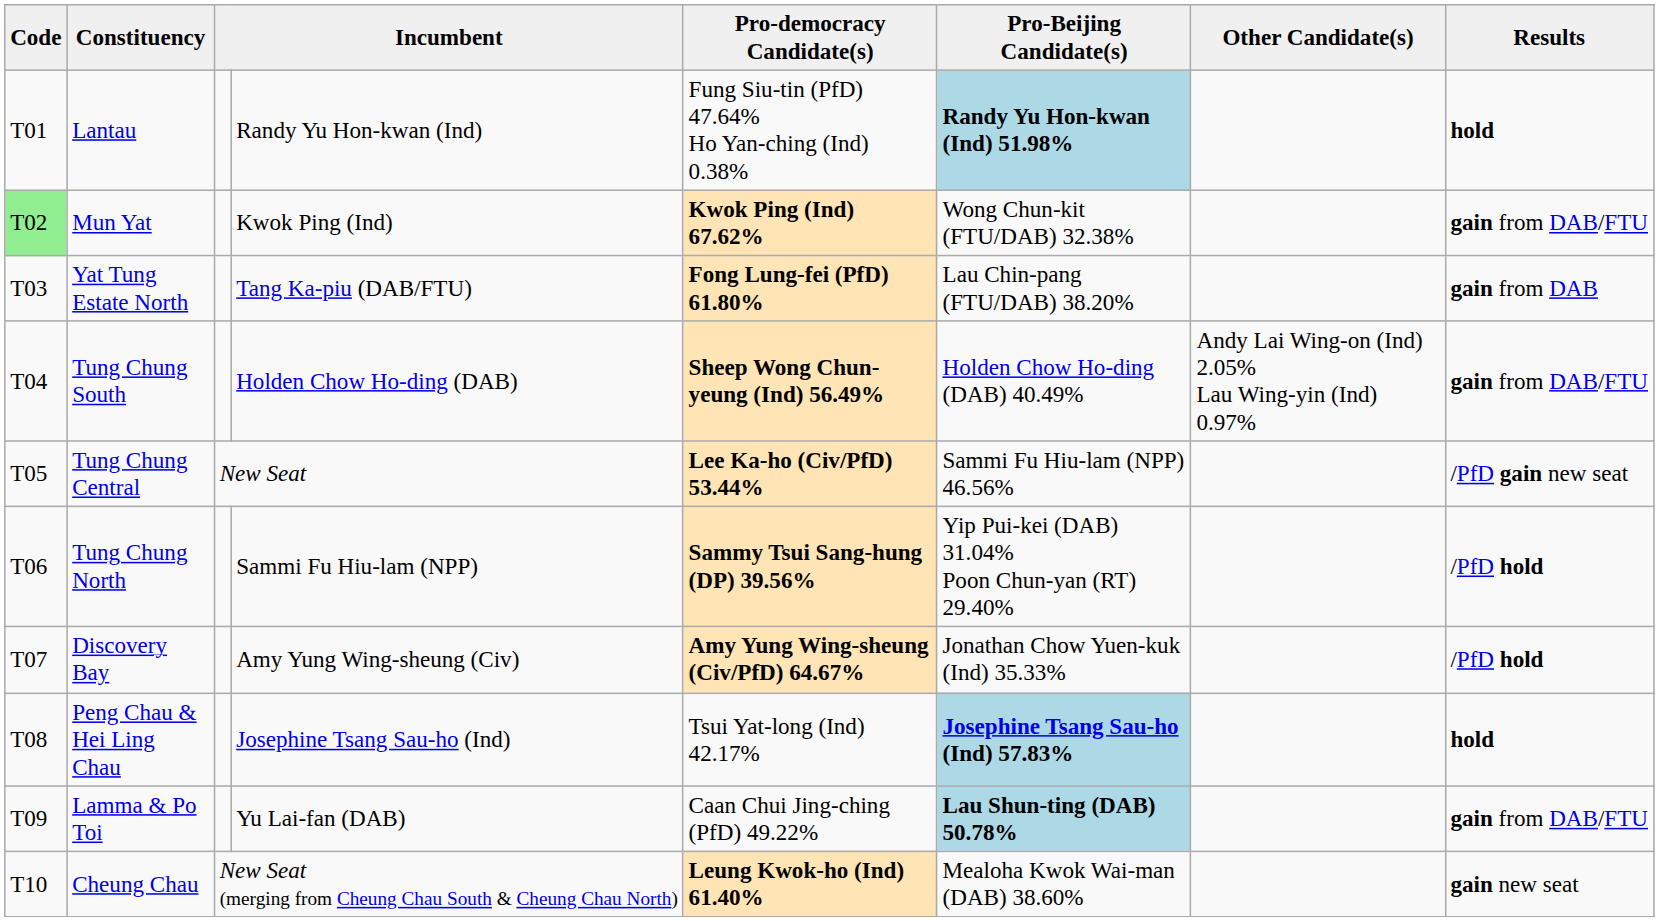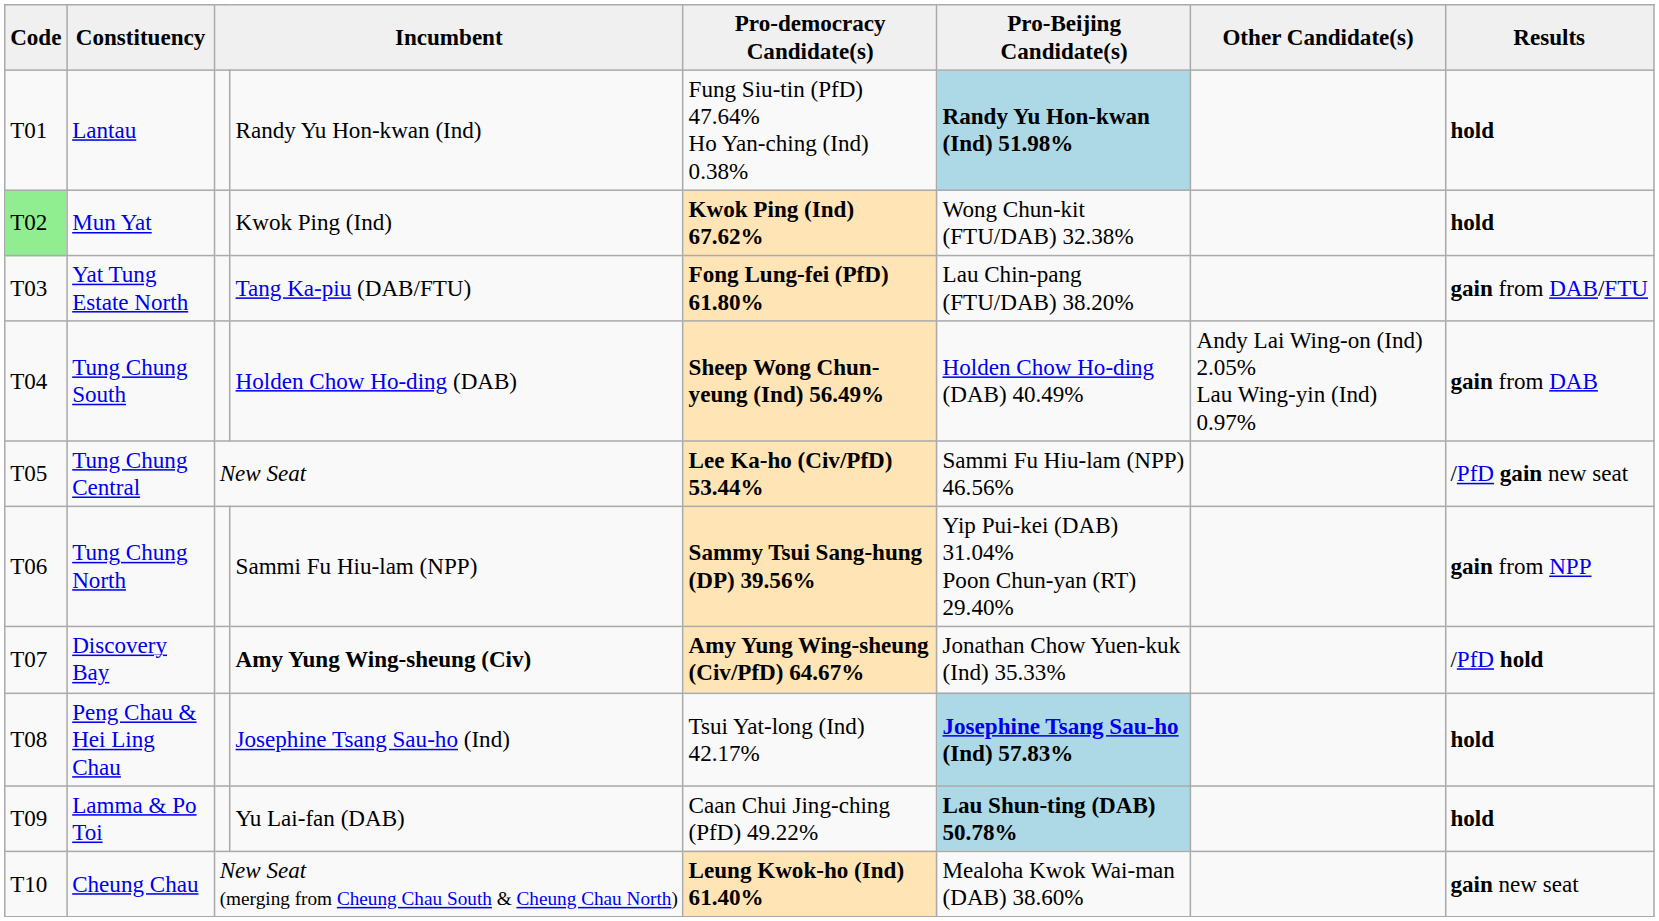 <table class="wikitable sortable" style="font-size: 95%;">
 <tr>
 <th align="center" style="background:#f0f0f0;" width="20px">Code</th>
 <th align="center" style="background:#f0f0f0;" width="90px">Constituency</th>
 <th align="center" style="background:#f0f0f0;" width="120px" colspan=2>Incumbent</th>
 <th align="center" style="background:#f0f0f0;" width="160px">Pro-democracy Candidate(s)</th>
 <th align="center" style="background:#f0f0f0;" width="160px">Pro-Beijing Candidate(s)</th>
 <th align="center" style="background:#f0f0f0;" width="160px">Other Candidate(s)</th>
 <th align="center" style="background:#f0f0f0;" width="100px" colspan="2">Results</th>
 </tr>
 <tr>
 <td>T01</td>
 <td><a href='#'>Lantau</a></td>
 <td></td>
 <td>Randy Yu Hon-kwan (Ind)</td>
 <td>Fung Siu-tin (PfD) 47.64%<br>Ho Yan-ching (Ind) 0.38%</td>
 <td style="background-color:LightBlue"><strong>Randy Yu Hon-kwan (Ind) 51.98%</strong></td>
 <td></td>
 <td> <strong>hold</strong></td>
 </tr>
 <tr>
 <td style="background: lightgreen;">T02</td>
 <td><a href='#'>Mun Yat</a></td>
 <td></td>
 <td>Kwok Ping (Ind)</td>
 <td style="background-color:Moccasin"><strong>Kwok Ping (Ind) 67.62%</strong></td>
 <td>Wong Chun-kit (FTU/DAB) 32.38%</td>
 <td></td>
-<td> <strong>gain</strong> from <a href='#'>DAB</a>/<a href='#'>FTU</a></td>
+<td> <strong>hold</strong></td>
 </tr>
 <tr>
 <td>T03</td>
 <td><a href='#'>Yat Tung Estate North</a></td>
 <td></td>
 <td><a href='#'>Tang Ka-piu</a> (DAB/FTU)</td>
 <td style="background-color:Moccasin"><strong>Fong Lung-fei (PfD) 61.80%</strong></td>
 <td>Lau Chin-pang (FTU/DAB) 38.20%</td>
 <td></td>
-<td> <strong>gain</strong> from <a href='#'>DAB</a></td>
+<td> <strong>gain</strong> from <a href='#'>DAB</a>/<a href='#'>FTU</a></td>
 </tr>
 <tr>
 <td>T04</td>
 <td><a href='#'>Tung Chung South</a></td>
 <td></td>
 <td><a href='#'>Holden Chow Ho-ding</a> (DAB)</td>
 <td style="background-color:Moccasin"><strong>Sheep Wong Chun-yeung (Ind) 56.49%</strong></td>
 <td><a href='#'>Holden Chow Ho-ding</a> (DAB) 40.49%</td>
 <td>Andy Lai Wing-on (Ind) 2.05%<br>Lau Wing-yin (Ind) 0.97%</td>
-<td> <strong>gain</strong> from <a href='#'>DAB</a>/<a href='#'>FTU</a></td>
+<td> <strong>gain</strong> from <a href='#'>DAB</a></td>
 </tr>
 <tr>
 <td>T05</td>
 <td><a href='#'>Tung Chung Central</a></td>
 <td colspan=2><em>New Seat</em></td>
 <td style="background-color:Moccasin"><strong>Lee Ka-ho (Civ/PfD) 53.44%</strong></td>
 <td>Sammi Fu Hiu-lam (NPP) 46.56%</td>
 <td></td>
 <td>/<a href='#'>PfD</a> <strong>gain</strong> new seat</td>
 </tr>
 <tr>
 <td>T06</td>
 <td><a href='#'>Tung Chung North</a></td>
 <td></td>
 <td>Sammi Fu Hiu-lam (NPP)</td>
 <td style="background-color:Moccasin"><strong>Sammy Tsui Sang-hung (DP) 39.56%</strong></td>
 <td>Yip Pui-kei (DAB) 31.04%<br>Poon Chun-yan (RT) 29.40%</td>
 <td></td>
-<td>/<a href='#'>PfD</a> <strong>hold</strong></td>
+<td> <strong>gain</strong> from <a href='#'>NPP</a></td>
 </tr>
 <tr>
 <td>T07</td>
 <td><a href='#'>Discovery Bay</a></td>
 <td></td>
-<td>Amy Yung Wing-sheung (Civ)</td>
+<td><strong>Amy Yung Wing-sheung (Civ)</strong></td>
 <td style="background-color:Moccasin"><strong>Amy Yung Wing-sheung (Civ/PfD) 64.67%</strong></td>
 <td>Jonathan Chow Yuen-kuk (Ind) 35.33%</td>
 <td></td>
 <td>/<a href='#'>PfD</a> <strong>hold</strong></td>
 </tr>
 <tr>
 <td>T08</td>
 <td><a href='#'>Peng Chau & Hei Ling Chau</a></td>
 <td></td>
 <td><a href='#'>Josephine Tsang Sau-ho</a> (Ind)</td>
 <td>Tsui Yat-long (Ind) 42.17%</td>
 <td style="background-color:LightBlue"><strong><a href='#'>Josephine Tsang Sau-ho</a> (Ind) 57.83%</strong></td>
 <td></td>
 <td> <strong>hold</strong></td>
 </tr>
 <tr>
 <td>T09</td>
 <td><a href='#'>Lamma & Po Toi</a></td>
 <td></td>
 <td>Yu Lai-fan (DAB)</td>
 <td>Caan Chui Jing-ching (PfD) 49.22%</td>
 <td style="background-color:LightBlue"><strong>Lau Shun-ting (DAB) 50.78%</strong></td>
 <td></td>
-<td> <strong>gain</strong> from <a href='#'>DAB</a>/<a href='#'>FTU</a></td>
+<td> <strong>hold</strong></td>
 </tr>
 <tr>
 <td>T10</td>
 <td><a href='#'>Cheung Chau</a></td>
 <td colspan=2><em>New Seat</em><br><small>(merging from <a href='#'>Cheung Chau South</a> & <a href='#'>Cheung Chau North</a>)</small></td>
 <td style="background-color:Moccasin"><strong>Leung Kwok-ho (Ind) 61.40%</strong></td>
 <td>Mealoha Kwok Wai-man (DAB) 38.60%</td>
 <td></td>
 <td> <strong>gain</strong> new seat</td>
 </tr>
 <tr>
 </tr>
 </table>
